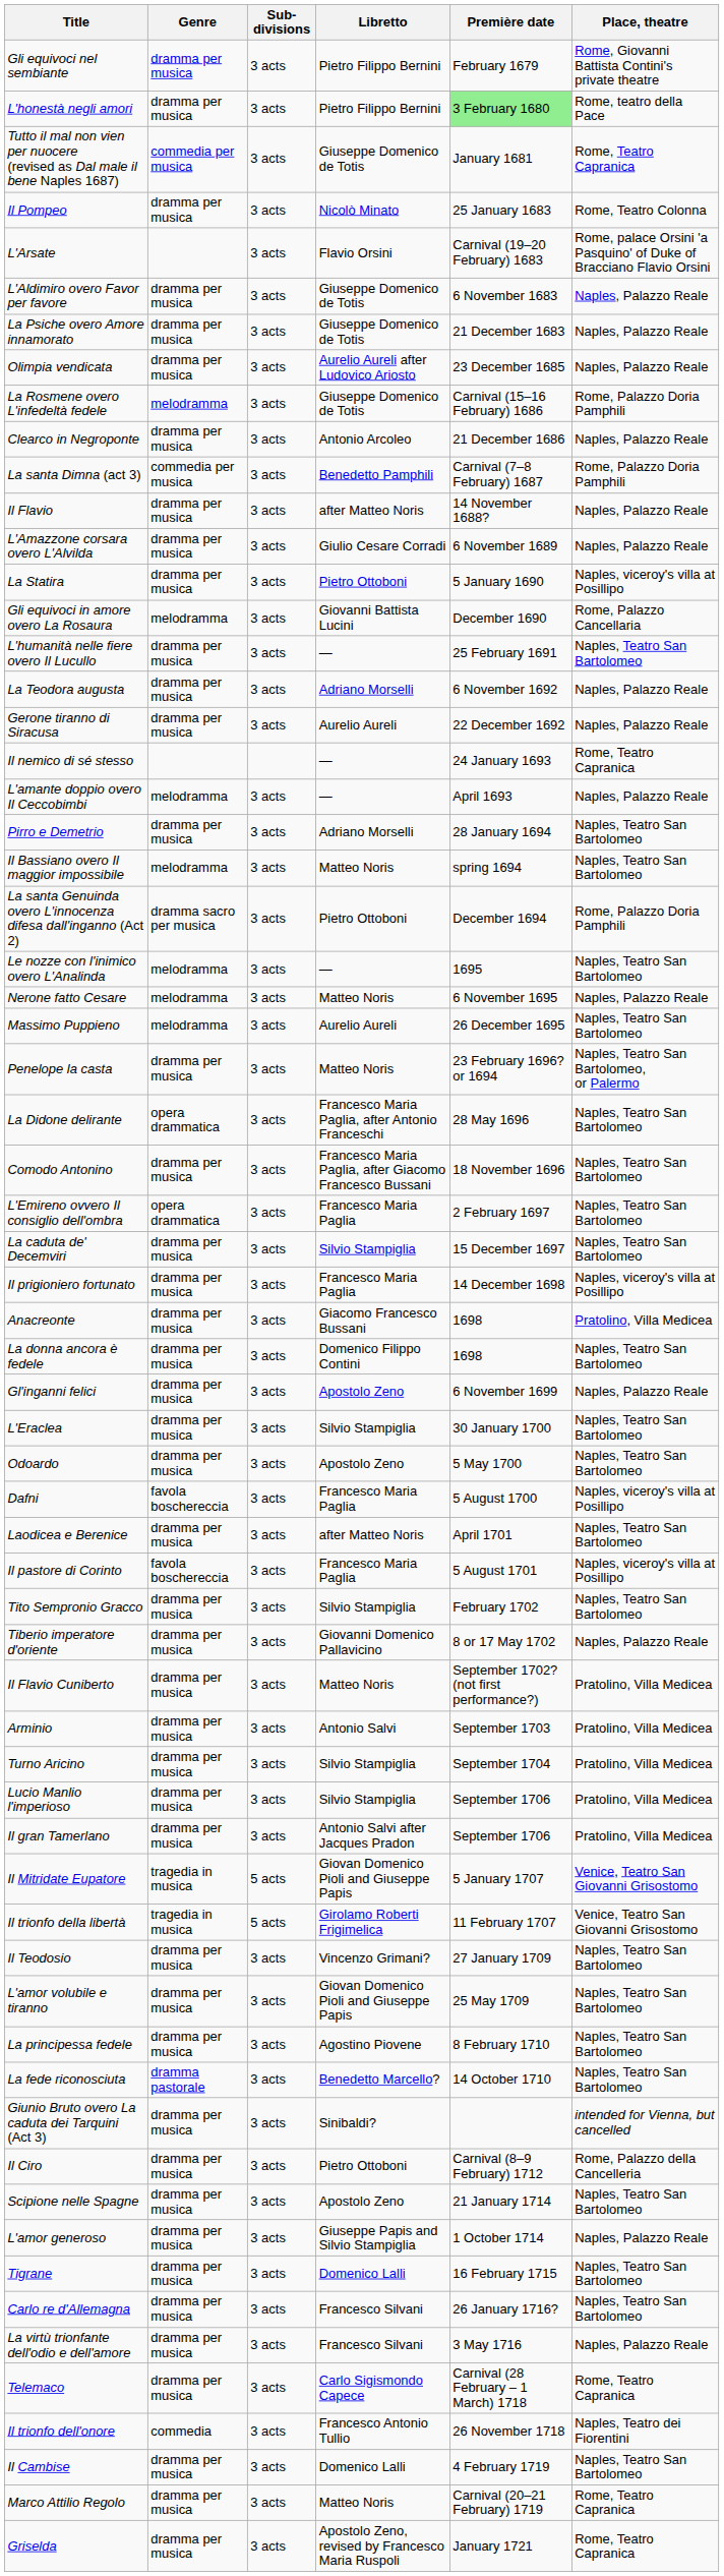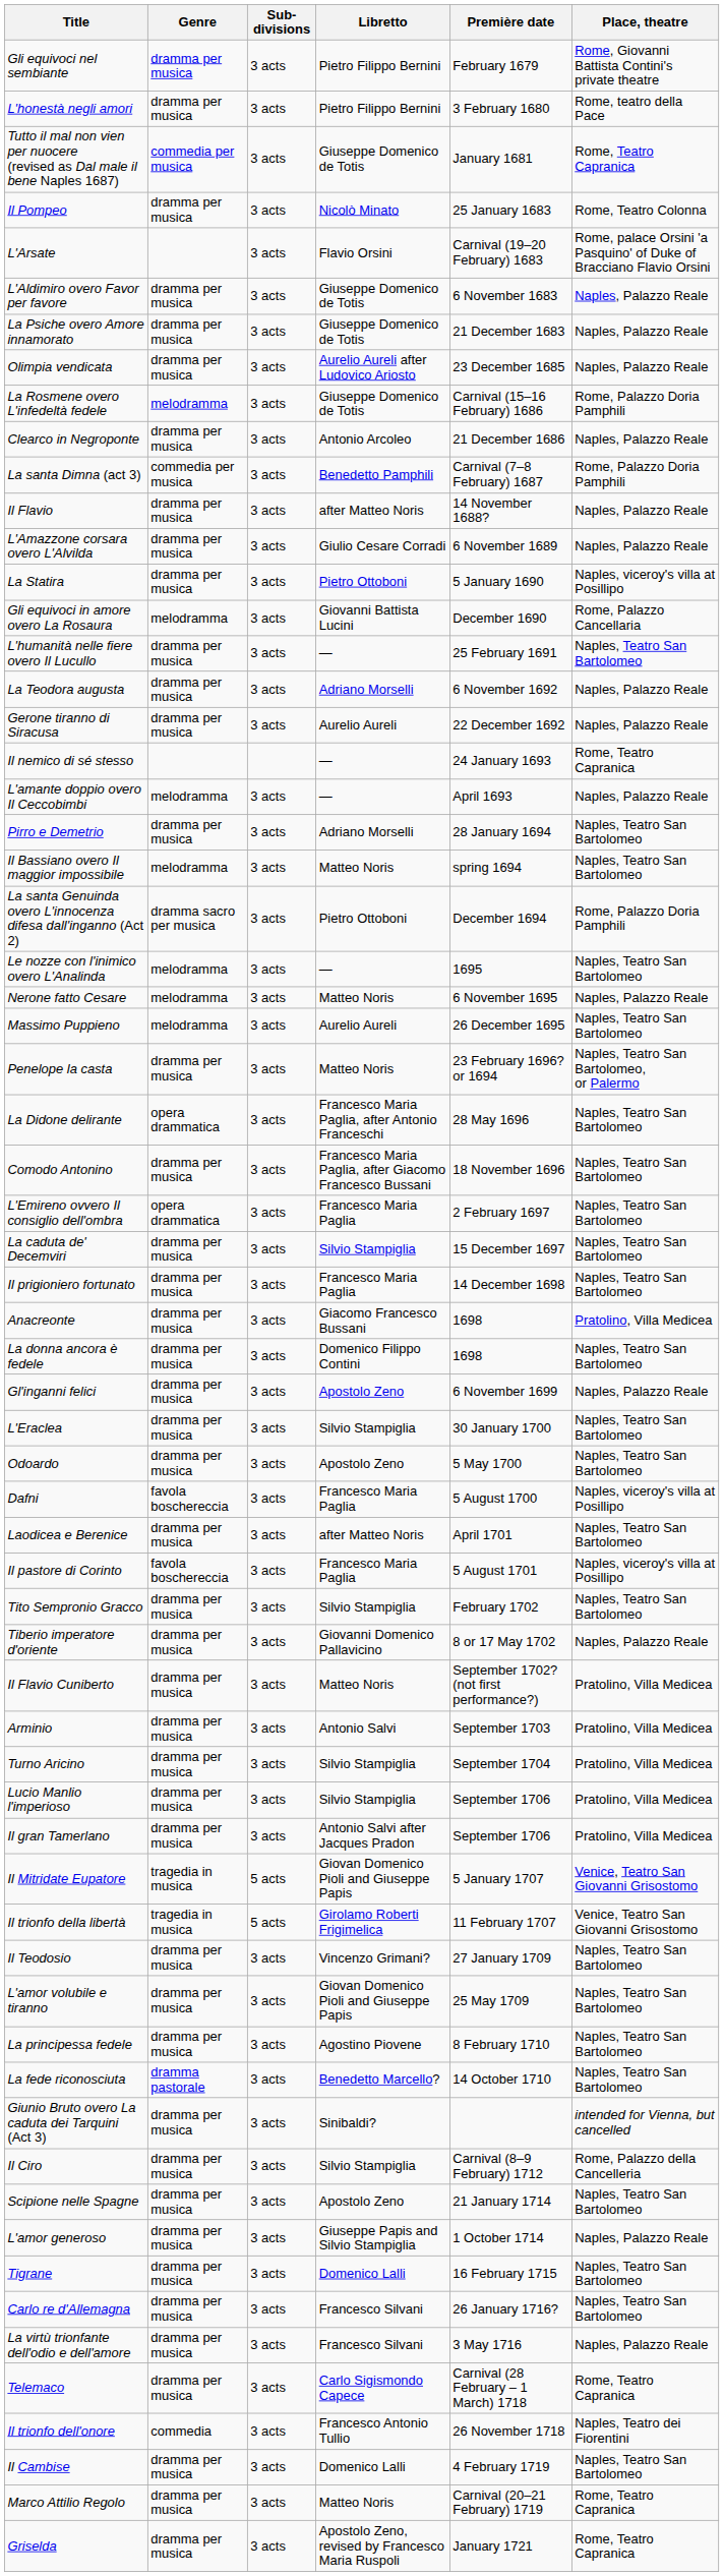 <table class="wikitable sortable">
 <tr>
 <th>Title</th>
 <th>Genre</th>
 <th>Sub­divisions</th>
 <th>Libretto</th>
 <th>Première date</th>
 <th>Place, theatre</th>
 </tr>
 <tr>
 <td><em>Gli equivoci nel sembiante</em></td>
 <td><a href='#'>dramma per musica</a></td>
 <td>3 acts</td>
 <td>Pietro Filippo Bernini</td>
 <td>February 1679</td>
 <td><a href='#'>Rome</a>, Giovanni Battista Contini's private theatre</td>
 </tr>
 <tr>
 <td><em><a href='#'>L'honestà negli amori</a></em></td>
 <td>dramma per musica</td>
 <td>3 acts</td>
 <td>Pietro Filippo Bernini</td>
-<td style="background: lightgreen;">3 February 1680</td>
+<td>3 February 1680</td>
 <td>Rome, teatro della Pace</td>
 </tr>
 <tr>
 <td><em>Tutto il mal non vien per nuocere</em><br>(revised as <em>Dal male il bene</em> Naples 1687)</td>
 <td><a href='#'>commedia per musica</a></td>
 <td>3 acts</td>
 <td>Giuseppe Domenico de Totis</td>
 <td>January 1681</td>
 <td>Rome, <a href='#'>Teatro Capranica</a></td>
 </tr>
 <tr>
 <td><em><a href='#'>Il Pompeo</a></em></td>
 <td>dramma per musica</td>
 <td>3 acts</td>
 <td><a href='#'>Nicolò Minato</a></td>
 <td>25 January 1683</td>
 <td>Rome, Teatro Colonna</td>
 </tr>
 <tr>
 <td><em>L'Arsate</em></td>
 <td></td>
 <td>3 acts</td>
 <td>Flavio Orsini</td>
 <td>Carnival (19–20 February) 1683</td>
 <td>Rome, palace Orsini 'a Pasquino' of Duke of Bracciano Flavio Orsini</td>
 </tr>
 <tr>
 <td><em>L'Aldimiro overo Favor per favore</em></td>
 <td>dramma per musica</td>
 <td>3 acts</td>
 <td>Giuseppe Domenico de Totis</td>
 <td>6 November 1683</td>
 <td><a href='#'>Naples</a>, Palazzo Reale</td>
 </tr>
 <tr>
 <td><em>La Psiche overo Amore innamorato</em></td>
 <td>dramma per musica</td>
 <td>3 acts</td>
 <td>Giuseppe Domenico de Totis</td>
 <td>21 December 1683</td>
 <td>Naples, Palazzo Reale</td>
 </tr>
 <tr>
 <td><em>Olimpia vendicata</em></td>
 <td>dramma per musica</td>
 <td>3 acts</td>
 <td><a href='#'>Aurelio Aureli</a> after <a href='#'>Ludovico Ariosto</a></td>
 <td>23 December 1685</td>
 <td>Naples, Palazzo Reale</td>
 </tr>
 <tr>
 <td><em>La Rosmene overo L'infedeltà fedele</em></td>
 <td><a href='#'>melodramma</a></td>
 <td>3 acts</td>
 <td>Giuseppe Domenico de Totis</td>
 <td>Carnival (15–16 February) 1686</td>
 <td>Rome, Palazzo Doria Pamphili</td>
 </tr>
 <tr>
 <td><em>Clearco in Negroponte</em></td>
 <td>dramma per musica</td>
 <td>3 acts</td>
 <td>Antonio Arcoleo</td>
 <td>21 December 1686</td>
 <td>Naples, Palazzo Reale</td>
 </tr>
 <tr>
 <td><em>La santa Dimna</em> (act 3)</td>
 <td>commedia per musica</td>
 <td>3 acts</td>
 <td><a href='#'>Benedetto Pamphili</a></td>
 <td>Carnival (7–8 February) 1687</td>
 <td>Rome, Palazzo Doria Pamphili</td>
 </tr>
 <tr>
 <td><em>Il Flavio</em></td>
 <td>dramma per musica</td>
 <td>3 acts</td>
 <td>after Matteo Noris</td>
 <td>14 November 1688?</td>
 <td>Naples, Palazzo Reale</td>
 </tr>
 <tr>
 <td><em>L'Amazzone corsara overo L'Alvilda</em></td>
 <td>dramma per musica</td>
 <td>3 acts</td>
 <td>Giulio Cesare Corradi</td>
 <td>6 November 1689</td>
 <td>Naples, Palazzo Reale</td>
 </tr>
 <tr>
 <td><em>La Statira</em></td>
 <td>dramma per musica</td>
 <td>3 acts</td>
 <td><a href='#'>Pietro Ottoboni</a></td>
 <td>5 January 1690</td>
 <td>Naples, viceroy's villa at Posillipo</td>
 </tr>
 <tr>
 <td><em>Gli equivoci in amore overo La Rosaura</em></td>
 <td>melodramma</td>
 <td>3 acts</td>
 <td>Giovanni Battista Lucini</td>
 <td>December 1690</td>
 <td>Rome, Palazzo Cancellaria</td>
 </tr>
 <tr>
 <td><em>L'humanità nelle fiere overo Il Lucullo</em></td>
 <td>dramma per musica</td>
 <td>3 acts</td>
 <td>—</td>
 <td>25 February 1691</td>
 <td>Naples, <a href='#'>Teatro San Bartolomeo</a></td>
 </tr>
 <tr>
 <td><em>La Teodora augusta</em></td>
 <td>dramma per musica</td>
 <td>3 acts</td>
 <td><a href='#'>Adriano Morselli</a></td>
 <td>6 November 1692</td>
 <td>Naples, Palazzo Reale</td>
 </tr>
 <tr>
 <td><em>Gerone tiranno di Siracusa</em></td>
 <td>dramma per musica</td>
 <td>3 acts</td>
 <td>Aurelio Aureli</td>
 <td>22 December 1692</td>
 <td>Naples, Palazzo Reale</td>
 </tr>
 <tr>
 <td><em>Il nemico di sé stesso</em></td>
 <td></td>
 <td></td>
 <td>—</td>
 <td>24 January 1693</td>
 <td>Rome, Teatro Capranica</td>
 </tr>
 <tr>
 <td><em>L'amante doppio overo Il Ceccobimbi</em></td>
 <td>melodramma</td>
 <td>3 acts</td>
 <td>—</td>
 <td>April 1693</td>
 <td>Naples, Palazzo Reale</td>
 </tr>
 <tr>
 <td><em><a href='#'>Pirro e Demetrio</a></em></td>
 <td>dramma per musica</td>
 <td>3 acts</td>
 <td>Adriano Morselli</td>
 <td>28 January 1694</td>
 <td>Naples, Teatro San Bartolomeo</td>
 </tr>
 <tr>
 <td><em>Il Bassiano overo Il maggior impossibile</em></td>
 <td>melodramma</td>
 <td>3 acts</td>
 <td>Matteo Noris</td>
 <td>spring 1694</td>
 <td>Naples, Teatro San Bartolomeo</td>
 </tr>
 <tr>
 <td><em>La santa Genuinda overo L'innocenza difesa dall'inganno</em> (Act 2)</td>
 <td>dramma sacro per musica</td>
 <td>3 acts</td>
 <td>Pietro Ottoboni</td>
 <td>December 1694</td>
 <td>Rome, Palazzo Doria Pamphili</td>
 </tr>
 <tr>
 <td><em>Le nozze con l'inimico overo L'Analinda</em></td>
 <td>melodramma</td>
 <td>3 acts</td>
 <td>—</td>
 <td>1695</td>
 <td>Naples, Teatro San Bartolomeo</td>
 </tr>
 <tr>
 <td><em>Nerone fatto Cesare</em></td>
 <td>melodramma</td>
 <td>3 acts</td>
 <td>Matteo Noris</td>
 <td>6 November 1695</td>
 <td>Naples, Palazzo Reale</td>
 </tr>
 <tr>
 <td><em>Massimo Puppieno</em></td>
 <td>melodramma</td>
 <td>3 acts</td>
 <td>Aurelio Aureli</td>
 <td>26 December 1695</td>
 <td>Naples, Teatro San Bartolomeo</td>
 </tr>
 <tr>
 <td><em>Penelope la casta</em></td>
 <td>dramma per musica</td>
 <td>3 acts</td>
 <td>Matteo Noris</td>
 <td>23 February 1696?<br>or 1694</td>
 <td>Naples, Teatro San Bartolomeo,<br>or <a href='#'>Palermo</a></td>
 </tr>
 <tr>
 <td><em>La Didone delirante</em></td>
 <td>opera drammatica</td>
 <td>3 acts</td>
 <td>Francesco Maria Paglia, after Antonio Franceschi</td>
 <td>28 May 1696</td>
 <td>Naples, Teatro San Bartolomeo</td>
 </tr>
 <tr>
 <td><em>Comodo Antonino</em></td>
 <td>dramma per musica</td>
 <td>3 acts</td>
 <td>Francesco Maria Paglia, after Giacomo Francesco Bussani</td>
 <td>18 November 1696</td>
 <td>Naples, Teatro San Bartolomeo</td>
 </tr>
 <tr>
 <td><em>L'Emireno ovvero Il consiglio dell'ombra</em></td>
 <td>opera drammatica</td>
 <td>3 acts</td>
 <td>Francesco Maria Paglia</td>
 <td>2 February 1697</td>
 <td>Naples, Teatro San Bartolomeo</td>
 </tr>
 <tr>
 <td><em>La caduta de' Decemviri</em></td>
 <td>dramma per musica</td>
 <td>3 acts</td>
 <td><a href='#'>Silvio Stampiglia</a></td>
 <td>15 December 1697</td>
 <td>Naples, Teatro San Bartolomeo</td>
 </tr>
 <tr>
 <td><em>Il prigioniero fortunato</em></td>
 <td>dramma per musica</td>
 <td>3 acts</td>
 <td>Francesco Maria Paglia</td>
 <td>14 December 1698</td>
-<td>Naples, viceroy's villa at Posillipo</td>
+<td>Naples, Teatro San Bartolomeo</td>
 </tr>
 <tr>
 <td><em>Anacreonte</em></td>
 <td>dramma per musica</td>
 <td>3 acts</td>
 <td>Giacomo Francesco Bussani</td>
 <td>1698</td>
 <td><a href='#'>Pratolino</a>, Villa Medicea</td>
 </tr>
 <tr>
 <td><em>La donna ancora è fedele</em></td>
 <td>dramma per musica</td>
 <td>3 acts</td>
 <td>Domenico Filippo Contini</td>
 <td>1698</td>
 <td>Naples, Teatro San Bartolomeo</td>
 </tr>
 <tr>
 <td><em>Gl'inganni felici</em></td>
 <td>dramma per musica</td>
 <td>3 acts</td>
 <td><a href='#'>Apostolo Zeno</a></td>
 <td>6 November 1699</td>
 <td>Naples, Palazzo Reale</td>
 </tr>
 <tr>
 <td><em>L'Eraclea</em></td>
 <td>dramma per musica</td>
 <td>3 acts</td>
 <td>Silvio Stampiglia</td>
 <td>30 January 1700</td>
 <td>Naples, Teatro San Bartolomeo</td>
 </tr>
 <tr>
 <td><em>Odoardo</em></td>
 <td>dramma per musica</td>
 <td>3 acts</td>
 <td>Apostolo Zeno</td>
 <td>5 May 1700</td>
 <td>Naples, Teatro San Bartolomeo</td>
 </tr>
 <tr>
 <td><em>Dafni</em></td>
 <td>favola boschereccia</td>
 <td>3 acts</td>
 <td>Francesco Maria Paglia</td>
 <td>5 August 1700</td>
 <td>Naples, viceroy's villa at Posillipo</td>
 </tr>
 <tr>
 <td><em>Laodicea e Berenice</em></td>
 <td>dramma per musica</td>
 <td>3 acts</td>
 <td>after Matteo Noris</td>
 <td>April 1701</td>
 <td>Naples, Teatro San Bartolomeo</td>
 </tr>
 <tr>
 <td><em>Il pastore di Corinto</em></td>
 <td>favola boschereccia</td>
 <td>3 acts</td>
 <td>Francesco Maria Paglia</td>
 <td>5 August 1701</td>
 <td>Naples, viceroy's villa at Posillipo</td>
 </tr>
 <tr>
 <td><em>Tito Sempronio Gracco</em></td>
 <td>dramma per musica</td>
 <td>3 acts</td>
 <td>Silvio Stampiglia</td>
 <td>February 1702</td>
 <td>Naples, Teatro San Bartolomeo</td>
 </tr>
 <tr>
 <td><em>Tiberio imperatore d'oriente</em></td>
 <td>dramma per musica</td>
 <td>3 acts</td>
 <td>Giovanni Domenico Pallavicino</td>
 <td>8 or 17 May 1702</td>
 <td>Naples, Palazzo Reale</td>
 </tr>
 <tr>
 <td><em>Il Flavio Cuniberto</em></td>
 <td>dramma per musica</td>
 <td>3 acts</td>
 <td>Matteo Noris</td>
 <td>September 1702?<br>(not first performance?)</td>
 <td>Pratolino, Villa Medicea</td>
 </tr>
 <tr>
 <td><em>Arminio</em></td>
 <td>dramma per musica</td>
 <td>3 acts</td>
 <td>Antonio Salvi</td>
 <td>September 1703</td>
 <td>Pratolino, Villa Medicea</td>
 </tr>
 <tr>
 <td><em>Turno Aricino</em></td>
 <td>dramma per musica</td>
 <td>3 acts</td>
 <td>Silvio Stampiglia</td>
 <td>September 1704</td>
 <td>Pratolino, Villa Medicea</td>
 </tr>
 <tr>
 <td><em>Lucio Manlio l'imperioso</em></td>
 <td>dramma per musica</td>
 <td>3 acts</td>
 <td>Silvio Stampiglia</td>
 <td>September 1706</td>
 <td>Pratolino, Villa Medicea</td>
 </tr>
 <tr>
 <td><em>Il gran Tamerlano</em></td>
 <td>dramma per musica</td>
 <td>3 acts</td>
 <td>Antonio Salvi after Jacques Pradon</td>
 <td>September 1706</td>
 <td>Pratolino, Villa Medicea</td>
 </tr>
 <tr>
 <td><em>Il <a href='#'>Mitridate Eupatore</a></em></td>
 <td>tragedia in musica</td>
 <td>5 acts</td>
 <td>Giovan Domenico Pioli and Giuseppe Papis</td>
 <td>5 January 1707</td>
 <td><a href='#'>Venice</a>, <a href='#'>Teatro San Giovanni Grisostomo</a></td>
 </tr>
 <tr>
 <td><em>Il trionfo della libertà</em></td>
 <td>tragedia in musica</td>
 <td>5 acts</td>
 <td><a href='#'>Girolamo Roberti Frigimelica</a></td>
 <td>11 February 1707</td>
 <td>Venice, Teatro San Giovanni Grisostomo</td>
 </tr>
 <tr>
 <td><em>Il Teodosio</em></td>
 <td>dramma per musica</td>
 <td>3 acts</td>
 <td>Vincenzo Grimani?</td>
 <td>27 January 1709</td>
 <td>Naples, Teatro San Bartolomeo</td>
 </tr>
 <tr>
 <td><em>L'amor volubile e tiranno</em></td>
 <td>dramma per musica</td>
 <td>3 acts</td>
 <td>Giovan Domenico Pioli and Giuseppe Papis</td>
 <td>25 May 1709</td>
 <td>Naples, Teatro San Bartolomeo</td>
 </tr>
 <tr>
 <td><em>La principessa fedele</em></td>
 <td>dramma per musica</td>
 <td>3 acts</td>
 <td>Agostino Piovene</td>
 <td>8 February 1710</td>
 <td>Naples, Teatro San Bartolomeo</td>
 </tr>
 <tr>
 <td><em>La fede riconosciuta</em></td>
 <td><a href='#'>dramma pastorale</a></td>
 <td>3 acts</td>
 <td><a href='#'>Benedetto Marcello</a>?</td>
 <td>14 October 1710</td>
 <td>Naples, Teatro San Bartolomeo</td>
 </tr>
 <tr>
 <td><em>Giunio Bruto overo La caduta dei Tarquini</em> (Act 3)</td>
 <td>dramma per musica</td>
 <td>3 acts</td>
 <td>Sinibaldi?</td>
 <td> </td>
 <td><em>intended for Vienna, but cancelled</em></td>
 </tr>
 <tr>
 <td><em>Il Ciro</em></td>
 <td>dramma per musica</td>
 <td>3 acts</td>
-<td>Pietro Ottoboni</td>
+<td>Silvio Stampiglia</td>
 <td>Carnival (8–9 February) 1712</td>
 <td>Rome, Palazzo della Cancelleria</td>
 </tr>
 <tr>
 <td><em>Scipione nelle Spagne</em></td>
 <td>dramma per musica</td>
 <td>3 acts</td>
 <td>Apostolo Zeno</td>
 <td>21 January 1714</td>
 <td>Naples, Teatro San Bartolomeo</td>
 </tr>
 <tr>
 <td><em>L'amor generoso</em></td>
 <td>dramma per musica</td>
 <td>3 acts</td>
 <td>Giuseppe Papis and Silvio Stampiglia</td>
 <td>1 October 1714</td>
 <td>Naples, Palazzo Reale</td>
 </tr>
 <tr>
 <td><em><a href='#'>Tigrane</a></em></td>
 <td>dramma per musica</td>
 <td>3 acts</td>
 <td><a href='#'>Domenico Lalli</a></td>
 <td>16 February 1715</td>
 <td>Naples, Teatro San Bartolomeo</td>
 </tr>
 <tr>
 <td><em><a href='#'>Carlo re d'Allemagna</a></em></td>
 <td>dramma per musica</td>
 <td>3 acts</td>
 <td>Francesco Silvani</td>
 <td>26 January 1716?</td>
 <td>Naples, Teatro San Bartolomeo</td>
 </tr>
 <tr>
 <td><em>La virtù trionfante dell'odio e dell'amore</em></td>
 <td>dramma per musica</td>
 <td>3 acts</td>
 <td>Francesco Silvani</td>
 <td>3 May 1716</td>
 <td>Naples, Palazzo Reale</td>
 </tr>
 <tr>
 <td><em><a href='#'>Telemaco</a></em></td>
 <td>dramma per musica</td>
 <td>3 acts</td>
 <td><a href='#'>Carlo Sigismondo Capece</a></td>
 <td>Carnival (28 February – 1 March) 1718</td>
 <td>Rome, Teatro Capranica</td>
 </tr>
 <tr>
 <td><em><a href='#'>Il trionfo dell'onore</a></em></td>
 <td>commedia</td>
 <td>3 acts</td>
 <td>Francesco Antonio Tullio</td>
 <td>26 November 1718</td>
 <td>Naples, Teatro dei Fiorentini</td>
 </tr>
 <tr>
 <td><em>Il <a href='#'>Cambise</a></em></td>
 <td>dramma per musica</td>
 <td>3 acts</td>
 <td>Domenico Lalli</td>
 <td>4 February 1719</td>
 <td>Naples, Teatro San Bartolomeo</td>
 </tr>
 <tr>
 <td><em>Marco Attilio Regolo</em></td>
 <td>dramma per musica</td>
 <td>3 acts</td>
 <td>Matteo Noris</td>
 <td>Carnival (20–21 February) 1719</td>
 <td>Rome, Teatro Capranica</td>
 </tr>
 <tr>
 <td><em><a href='#'>Griselda</a></em></td>
 <td>dramma per musica</td>
 <td>3 acts</td>
 <td>Apostolo Zeno, revised by Francesco Maria Ruspoli</td>
 <td>January 1721</td>
 <td>Rome, Teatro Capranica</td>
 </tr>
 </table>
